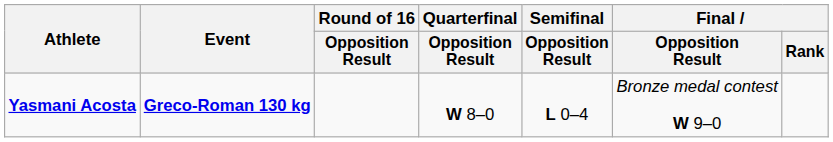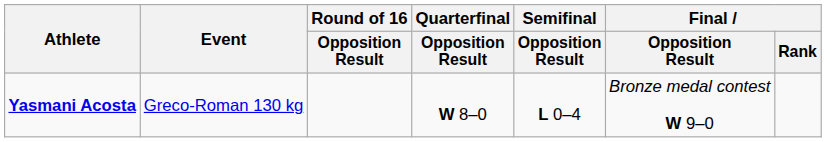 <table class=wikitable style=font-size:90%;text-align:center>
 <tr>
 <th rowspan=2>Athlete</th>
 <th rowspan=2>Event</th>
 <th>Round of 16</th>
 <th>Quarterfinal</th>
 <th>Semifinal</th>
 <th colspan=2>Final / </th>
 </tr>
 <tr style=font-size:95%>
 <th>Opposition<br>Result</th>
 <th>Opposition<br>Result</th>
 <th>Opposition<br>Result</th>
 <th>Opposition<br>Result</th>
 <th>Rank</th>
 </tr>
 <tr>
 <td align=left><strong><a href='#'>Yasmani Acosta</a></strong></td>
-<td align=left><strong><a href='#'>Greco-Roman 130 kg</a></strong></td>
+<td align=left><a href='#'>Greco-Roman 130 kg</a></td>
 <td></td>
 <td><br><strong>W</strong> 8–0</td>
 <td><br><strong>L</strong> 0–4</td>
 <td><em>Bronze medal contest</em><br><br><strong>W</strong> 9–0</td>
 <td></td>
 </tr>
 </table>
